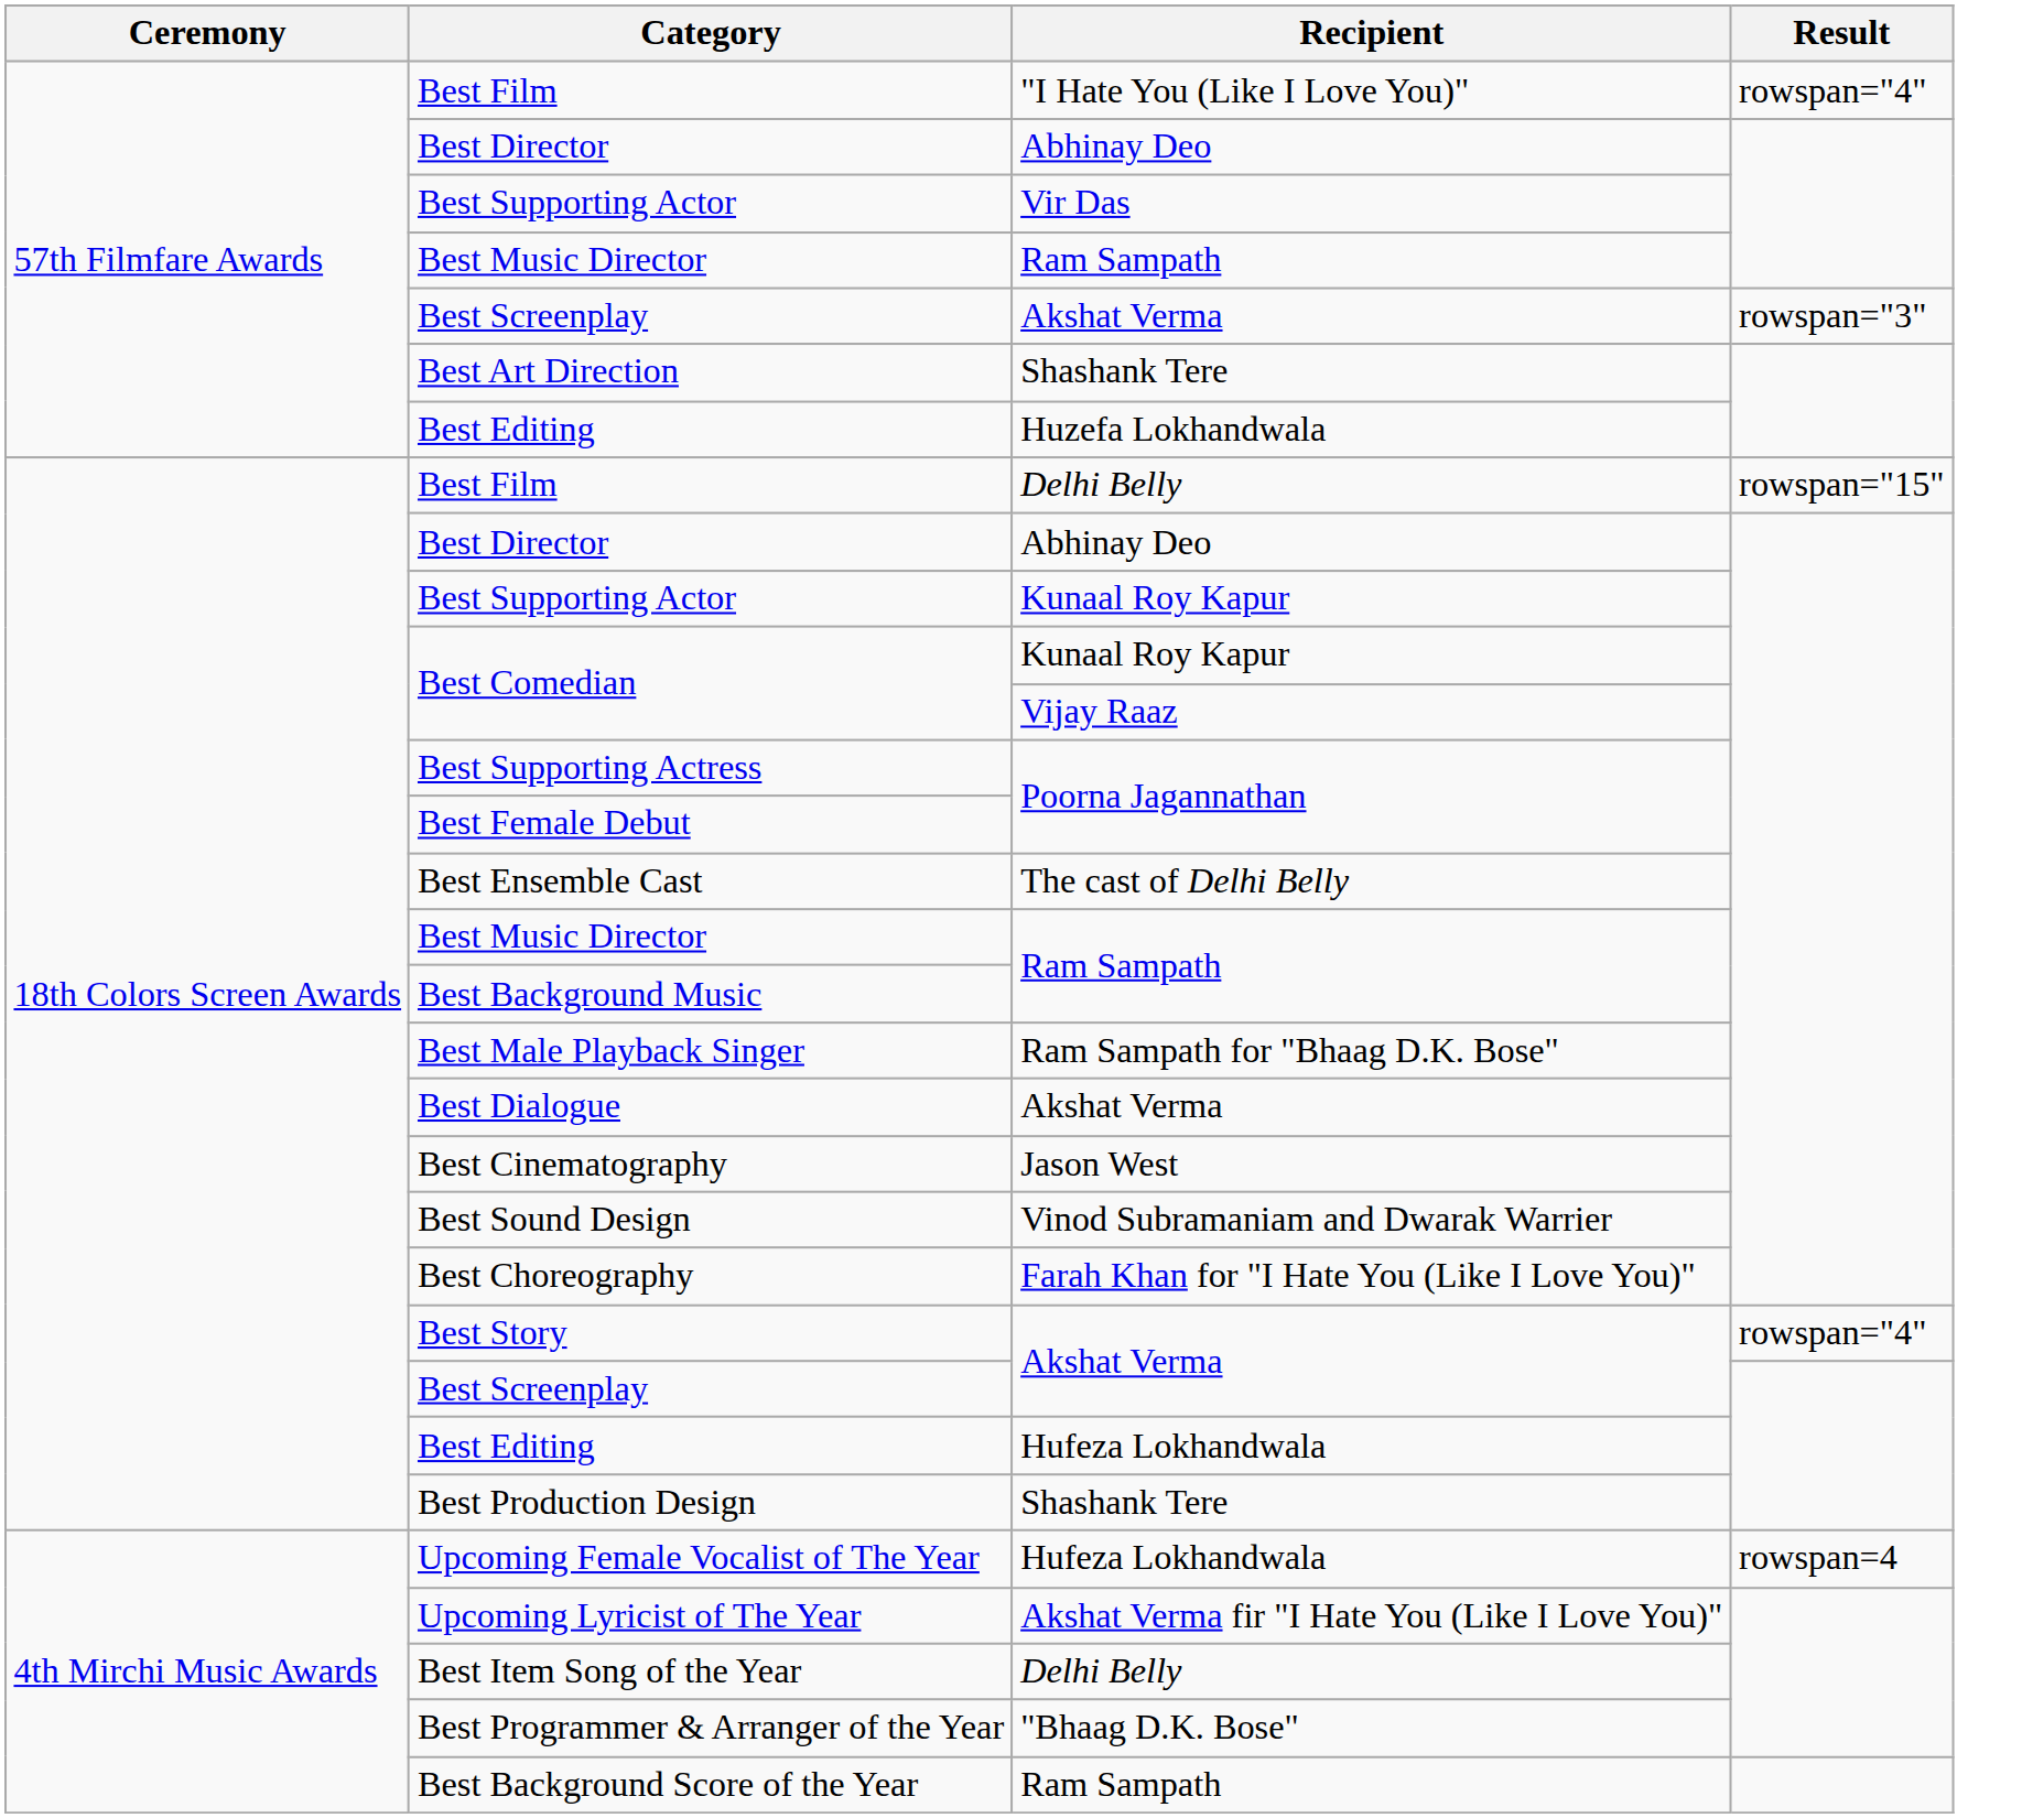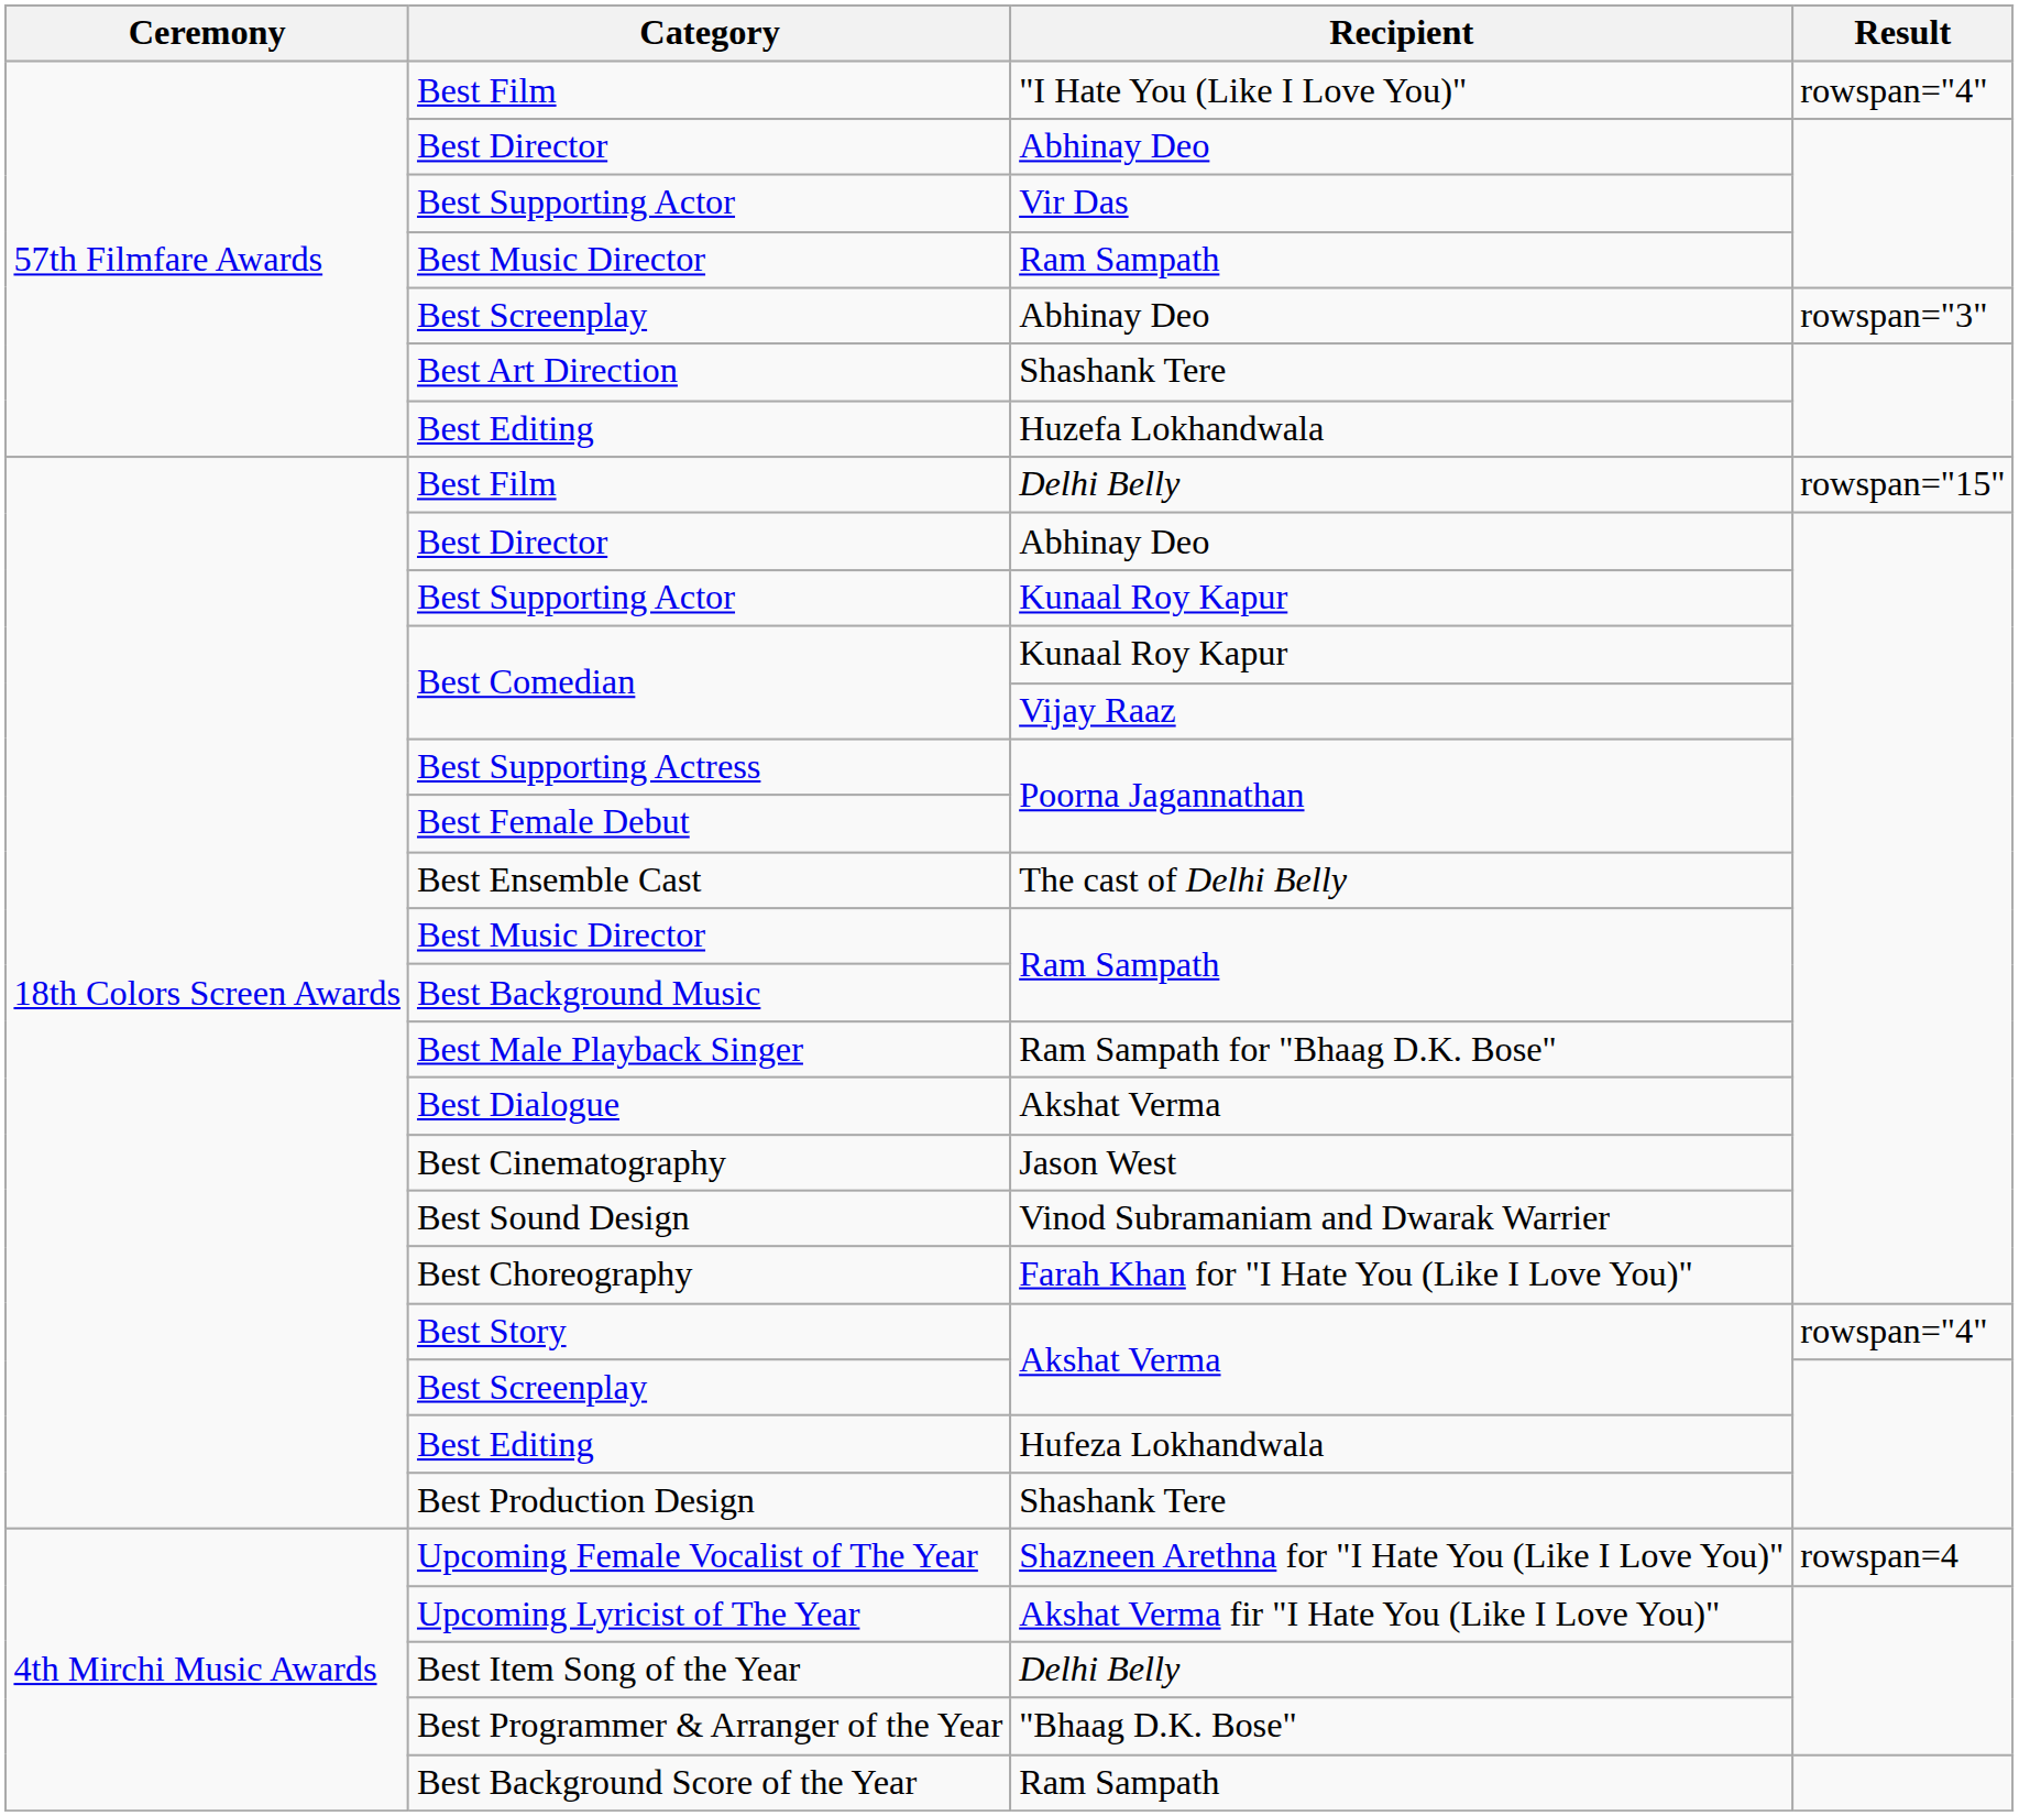 <table class="wikitable">
 <tr>
 <th>Ceremony</th>
 <th>Category</th>
 <th>Recipient</th>
 <th>Result</th>
 </tr>
 <tr>
 <td rowspan="7"><a href='#'>57th Filmfare Awards</a></td>
 <td><a href='#'>Best Film</a></td>
 <td>"I Hate You (Like I Love You)"</td>
 <td>rowspan="4" </td>
 </tr>
 <tr>
 <td><a href='#'>Best Director</a></td>
 <td><a href='#'>Abhinay Deo</a></td>
 </tr>
 <tr>
 <td><a href='#'>Best Supporting Actor</a></td>
 <td><a href='#'>Vir Das</a></td>
 </tr>
 <tr>
 <td><a href='#'>Best Music Director</a></td>
 <td><a href='#'>Ram Sampath</a></td>
 </tr>
 <tr>
 <td><a href='#'>Best Screenplay</a></td>
-<td><a href='#'>Akshat Verma</a></td>
+<td>Abhinay Deo</td>
 <td>rowspan="3" </td>
 </tr>
 <tr>
 <td><a href='#'>Best Art Direction</a></td>
 <td>Shashank Tere</td>
 </tr>
 <tr>
 <td><a href='#'>Best Editing</a></td>
 <td>Huzefa Lokhandwala</td>
 </tr>
 <tr>
 <td rowspan="19"><a href='#'>18th Colors Screen Awards</a></td>
 <td><a href='#'>Best Film</a></td>
 <td><em>Delhi Belly</em></td>
 <td>rowspan="15" </td>
 </tr>
 <tr>
 <td><a href='#'>Best Director</a></td>
 <td>Abhinay Deo</td>
 </tr>
 <tr>
 <td><a href='#'>Best Supporting Actor</a></td>
 <td><a href='#'>Kunaal Roy Kapur</a></td>
 </tr>
 <tr>
 <td rowspan="2"><a href='#'>Best Comedian</a></td>
 <td>Kunaal Roy Kapur</td>
 </tr>
 <tr>
 <td><a href='#'>Vijay Raaz</a></td>
 </tr>
 <tr>
 <td><a href='#'>Best Supporting Actress</a></td>
 <td rowspan="2"><a href='#'>Poorna Jagannathan</a></td>
 </tr>
 <tr>
 <td><a href='#'>Best Female Debut</a></td>
 </tr>
 <tr>
 <td>Best Ensemble Cast</td>
 <td>The cast of <em>Delhi Belly</em></td>
 </tr>
 <tr>
 <td><a href='#'>Best Music Director</a></td>
 <td rowspan="2"><a href='#'>Ram Sampath</a></td>
 </tr>
 <tr>
 <td><a href='#'>Best Background Music</a></td>
 </tr>
 <tr>
 <td><a href='#'>Best Male Playback Singer</a></td>
 <td>Ram Sampath for "Bhaag D.K. Bose"</td>
 </tr>
 <tr>
 <td><a href='#'>Best Dialogue</a></td>
 <td>Akshat Verma</td>
 </tr>
 <tr>
 <td>Best Cinematography</td>
 <td>Jason West</td>
 </tr>
 <tr>
 <td>Best Sound Design</td>
 <td>Vinod Subramaniam and Dwarak Warrier</td>
 </tr>
 <tr>
 <td>Best Choreography</td>
 <td><a href='#'>Farah Khan</a> for "I Hate You (Like I Love You)"</td>
 </tr>
 <tr>
 <td><a href='#'>Best Story</a></td>
 <td rowspan="2"><a href='#'>Akshat Verma</a></td>
 <td>rowspan="4" </td>
 </tr>
 <tr>
 <td><a href='#'>Best Screenplay</a></td>
 </tr>
 <tr>
 <td><a href='#'>Best Editing</a></td>
 <td>Hufeza Lokhandwala</td>
 </tr>
 <tr>
 <td>Best Production Design</td>
 <td>Shashank Tere</td>
 </tr>
 <tr>
 <td rowspan="5"><a href='#'>4th Mirchi Music Awards</a></td>
 <td><a href='#'>Upcoming Female Vocalist of The Year</a></td>
-<td>Hufeza Lokhandwala</td>
+<td><a href='#'>Shazneen Arethna</a> for "I Hate You (Like I Love You)"</td>
 <td>rowspan=4 </td>
 </tr>
 <tr>
 <td><a href='#'>Upcoming Lyricist of The Year</a></td>
 <td><a href='#'>Akshat Verma</a> fir "I Hate You (Like I Love You)"</td>
 </tr>
 <tr>
 <td>Best Item Song of the Year</td>
 <td><em>Delhi Belly</em></td>
 </tr>
 <tr>
 <td>Best Programmer & Arranger of the Year</td>
 <td>"Bhaag D.K. Bose"</td>
 </tr>
 <tr>
 <td>Best Background Score of the Year</td>
 <td>Ram Sampath</td>
 <td></td>
 </tr>
 </table>
